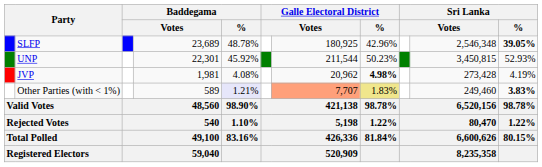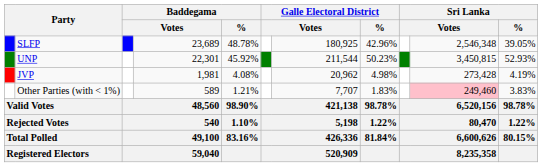 <table class="wikitable">
 <tr>
 <th colspan="2" width="144px"rowspan="2">Party</th>
 <th colspan="3" width="216px">Baddegama</th>
 <th colspan="3" width="216px"><a href='#'>Galle Electoral District</a></th>
 <th colspan="3" width="216px">Sri Lanka</th>
 </tr>
 <tr>
 <th colspan="2" width="144px">Votes</th>
 <th>%</th>
 <th colspan="2" width="144px">Votes</th>
 <th>%</th>
 <th colspan="2" width="144px">Votes</th>
 <th>%</th>
 </tr>
 <tr>
 <td style="background-color:blue;" width="10px"></td>
 <td style="text-align:left;"><a href='#'>SLFP</a></td>
 <td style="background-color:blue;" width="10px"></td>
 <td style="text-align:right;">23,689</td>
 <td style="text-align:right;">48.78%</td>
 <td style="background-color:white;" width="10px"></td>
 <td style="text-align:right;">180,925</td>
 <td style="text-align:right;">42.96%</td>
 <td style="background-color:white;" width="10px"></td>
 <td style="text-align:right;">2,546,348</td>
-<td style="text-align:right;"><strong>39.05%</strong></td>
+<td style="text-align:right;">39.05%</td>
 </tr>
 <tr>
 <td style="background-color:green;" width="10px"></td>
 <td style="text-align:left;"><a href='#'>UNP</a></td>
 <td style="background-color:white;" width="10px"></td>
 <td style="text-align:right;">22,301</td>
 <td style="text-align:right;">45.92%</td>
 <td style="background-color:green;" width="10px"></td>
 <td style="text-align:right;">211,544</td>
 <td style="text-align:right;">50.23%</td>
 <td style="background-color:green;" width="10px"></td>
 <td style="text-align:right;">3,450,815</td>
 <td style="text-align:right;">52.93%</td>
 </tr>
 <tr>
 <td style="background-color:red;" width="10px"></td>
 <td style="text-align:left;"><a href='#'>JVP</a></td>
 <td style="background-color:white;" width="10px"></td>
 <td style="text-align:right;">1,981</td>
 <td style="text-align:right;">4.08%</td>
 <td style="background-color:white;" width="10px"></td>
 <td style="text-align:right;">20,962</td>
-<td style="text-align:right;"><strong>4.98%</strong></td>
+<td style="text-align:right;">4.98%</td>
 <td style="background-color:white;" width="10px"></td>
 <td style="text-align:right;">273,428</td>
 <td style="text-align:right;">4.19%</td>
 </tr>
 <tr>
 <td style="background-color:white;" width="10px"></td>
 <td style="text-align:left;">Other Parties (with < 1%)</td>
 <td style="background-color:white;" width="10px"></td>
 <td style="text-align:right;">589</td>
-<td style="background: lavender; text-align:right;">1.21%</td>
+<td style="text-align:right;">1.21%</td>
 <td style="background-color:white;" width="10px"></td>
-<td style="background: lightsalmon; text-align:right;">7,707</td>
-<td style="background: khaki; text-align:right;">1.83%</td>
+<td style="text-align:right;">7,707</td>
+<td style="text-align:right;">1.83%</td>
 <td style="background-color:white;" width="10px"></td>
-<td style="text-align:right;">249,460</td>
-<td style="text-align:right;"><strong>3.83%</strong></td>
+<td style="background: pink; text-align:right;">249,460</td>
+<td style="text-align:right;">3.83%</td>
 </tr>
 <tr>
 <th colspan="2" width="144px"style="text-align:left;">Valid Votes</th>
 <th style="text-align:right;"colspan="2" width="144px">48,560</th>
 <th style="text-align:right;">98.90%</th>
 <th style="text-align:right;"colspan="2" width="144px">421,138</th>
 <th style="text-align:right;">98.78%</th>
 <th style="text-align:right;"colspan="2" width="144px">6,520,156</th>
 <th style="text-align:right;">98.78%</th>
 </tr>
 <tr>
 <th colspan="2" width="144px"style="text-align:left;">Rejected Votes</th>
 <th style="text-align:right;"colspan="2" width="144px">540</th>
 <th style="text-align:right;">1.10%</th>
 <th style="text-align:right;"colspan="2" width="144px">5,198</th>
 <th style="text-align:right;">1.22%</th>
 <th style="text-align:right;"colspan="2" width="144px">80,470</th>
 <th style="text-align:right;">1.22%</th>
 </tr>
 <tr>
 <th colspan="2" width="144px"style="text-align:left;">Total Polled</th>
 <th style="text-align:right;"colspan="2" width="144px">49,100</th>
 <th style="text-align:right;">83.16%</th>
 <th style="text-align:right;"colspan="2" width="144px">426,336</th>
 <th style="text-align:right;">81.84%</th>
 <th style="text-align:right;"colspan="2" width="144px">6,600,626</th>
 <th style="text-align:right;">80.15%</th>
 </tr>
 <tr>
 <th colspan="2" width="144px"style="text-align:left;">Registered Electors</th>
 <th style="text-align:right;"colspan="2" width="144px">59,040</th>
 <th></th>
 <th style="text-align:right;"colspan="2" width="144px">520,909</th>
 <th></th>
 <th style="text-align:right;"colspan="2" width="144px">8,235,358</th>
 <th></th>
 </tr>
 </table>
